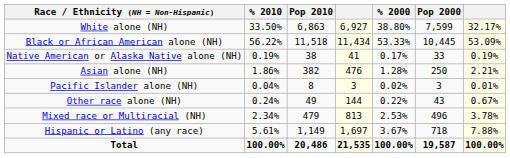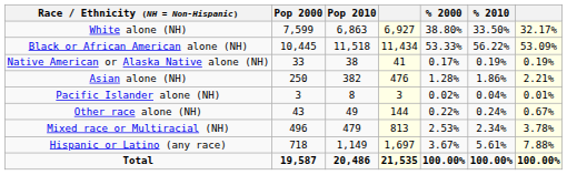 <table class="wikitable" style="text-align:center;">
 <tr>
 <th>Race / Ethnicity <small>(<em>NH = Non-Hispanic</em>)</small></th>
-<th>% 2010</th>
+<th>Pop 2000</th>
 <th>Pop 2010</th>
 <th></th>
 <th>% 2000</th>
-<th>Pop 2000</th>
+<th>% 2010</th>
 <th></th>
 </tr>
 <tr>
 <td><a href='#'>White</a> alone (NH)</td>
-<td>33.50%</td>
+<td>7,599</td>
 <td>6,863</td>
 <td style='background: #ffffe6;'>6,927</td>
 <td>38.80%</td>
-<td>7,599</td>
+<td>33.50%</td>
 <td style='background: #ffffe6;'>32.17%</td>
 </tr>
 <tr>
 <td><a href='#'>Black or African American</a> alone (NH)</td>
-<td>56.22%</td>
+<td>10,445</td>
 <td>11,518</td>
 <td style='background: #ffffe6;'>11,434</td>
 <td>53.33%</td>
-<td>10,445</td>
+<td>56.22%</td>
 <td style='background: #ffffe6;'>53.09%</td>
 </tr>
 <tr>
 <td><a href='#'>Native American</a> or <a href='#'>Alaska Native</a> alone (NH)</td>
-<td>0.19%</td>
+<td>33</td>
 <td>38</td>
 <td style='background: #ffffe6;'>41</td>
 <td>0.17%</td>
-<td>33</td>
+<td>0.19%</td>
 <td style='background: #ffffe6;'>0.19%</td>
 </tr>
 <tr>
 <td><a href='#'>Asian</a> alone (NH)</td>
-<td>1.86%</td>
+<td>250</td>
 <td>382</td>
 <td style='background: #ffffe6;'>476</td>
 <td>1.28%</td>
-<td>250</td>
+<td>1.86%</td>
 <td style='background: #ffffe6;'>2.21%</td>
 </tr>
 <tr>
 <td><a href='#'>Pacific Islander</a> alone (NH)</td>
-<td>0.04%</td>
+<td>3</td>
 <td>8</td>
 <td style='background: #ffffe6;'>3</td>
 <td>0.02%</td>
-<td>3</td>
+<td>0.04%</td>
 <td style='background: #ffffe6;'>0.01%</td>
 </tr>
 <tr>
 <td><a href='#'>Other race</a> alone (NH)</td>
-<td>0.24%</td>
+<td>43</td>
 <td>49</td>
 <td style='background: #ffffe6;'>144</td>
 <td>0.22%</td>
-<td>43</td>
+<td>0.24%</td>
 <td style='background: #ffffe6;'>0.67%</td>
 </tr>
 <tr>
 <td><a href='#'>Mixed race or Multiracial</a> (NH)</td>
-<td>2.34%</td>
+<td>496</td>
 <td>479</td>
 <td style='background: #ffffe6;'>813</td>
 <td>2.53%</td>
-<td>496</td>
+<td>2.34%</td>
 <td style='background: #ffffe6;'>3.78%</td>
 </tr>
 <tr>
 <td><a href='#'>Hispanic or Latino</a> (any race)</td>
-<td>5.61%</td>
+<td>718</td>
 <td>1,149</td>
 <td style='background: #ffffe6;'>1,697</td>
 <td>3.67%</td>
-<td>718</td>
+<td>5.61%</td>
 <td style='background: #ffffe6;'>7.88%</td>
 </tr>
 <tr>
 <td><strong>Total</strong></td>
-<td><strong>100.00%</strong></td>
+<td><strong>19,587</strong></td>
 <td><strong>20,486</strong></td>
 <td style='background: #ffffe6;'><strong>21,535</strong></td>
 <td><strong>100.00%</strong></td>
-<td><strong>19,587</strong></td>
+<td><strong>100.00%</strong></td>
 <td style='background: #ffffe6;'><strong>100.00%</strong></td>
 </tr>
 </table>
